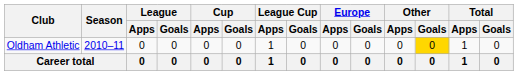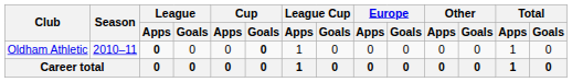 <table class="wikitable" style="text-align:center">
 <tr>
 <th rowspan="2">Club</th>
 <th rowspan="2">Season</th>
 <th colspan="2">League</th>
 <th colspan="2">Cup</th>
 <th colspan="2">League Cup</th>
 <th colspan="2"><a href='#'>Europe</a></th>
 <th colspan="2">Other</th>
 <th colspan="2">Total</th>
 </tr>
 <tr>
 <th>Apps</th>
 <th>Goals</th>
 <th>Apps</th>
 <th>Goals</th>
 <th>Apps</th>
 <th>Goals</th>
 <th>Apps</th>
 <th>Goals</th>
 <th>Apps</th>
 <th>Goals</th>
 <th>Apps</th>
 <th>Goals</th>
 </tr>
 <tr>
 <td><a href='#'>Oldham Athletic</a></td>
 <td><a href='#'>2010–11</a></td>
+<td><strong>0</strong></td>
 <td>0</td>
 <td>0</td>
-<td>0</td>
-<td>0</td>
+<td><strong>0</strong></td>
 <td>1</td>
 <td>0</td>
 <td>0</td>
 <td>0</td>
 <td>0</td>
-<td style="background: gold;">0</td>
+<td>0</td>
 <td>1</td>
 <td>0</td>
 </tr>
 <tr>
 <th colspan="2">Career total</th>
 <th>0</th>
 <th>0</th>
 <th>0</th>
 <th>0</th>
 <th>1</th>
 <th>0</th>
 <th>0</th>
 <th>0</th>
 <th>0</th>
 <th>0</th>
 <th>1</th>
 <th>0</th>
 </tr>
 </table>
